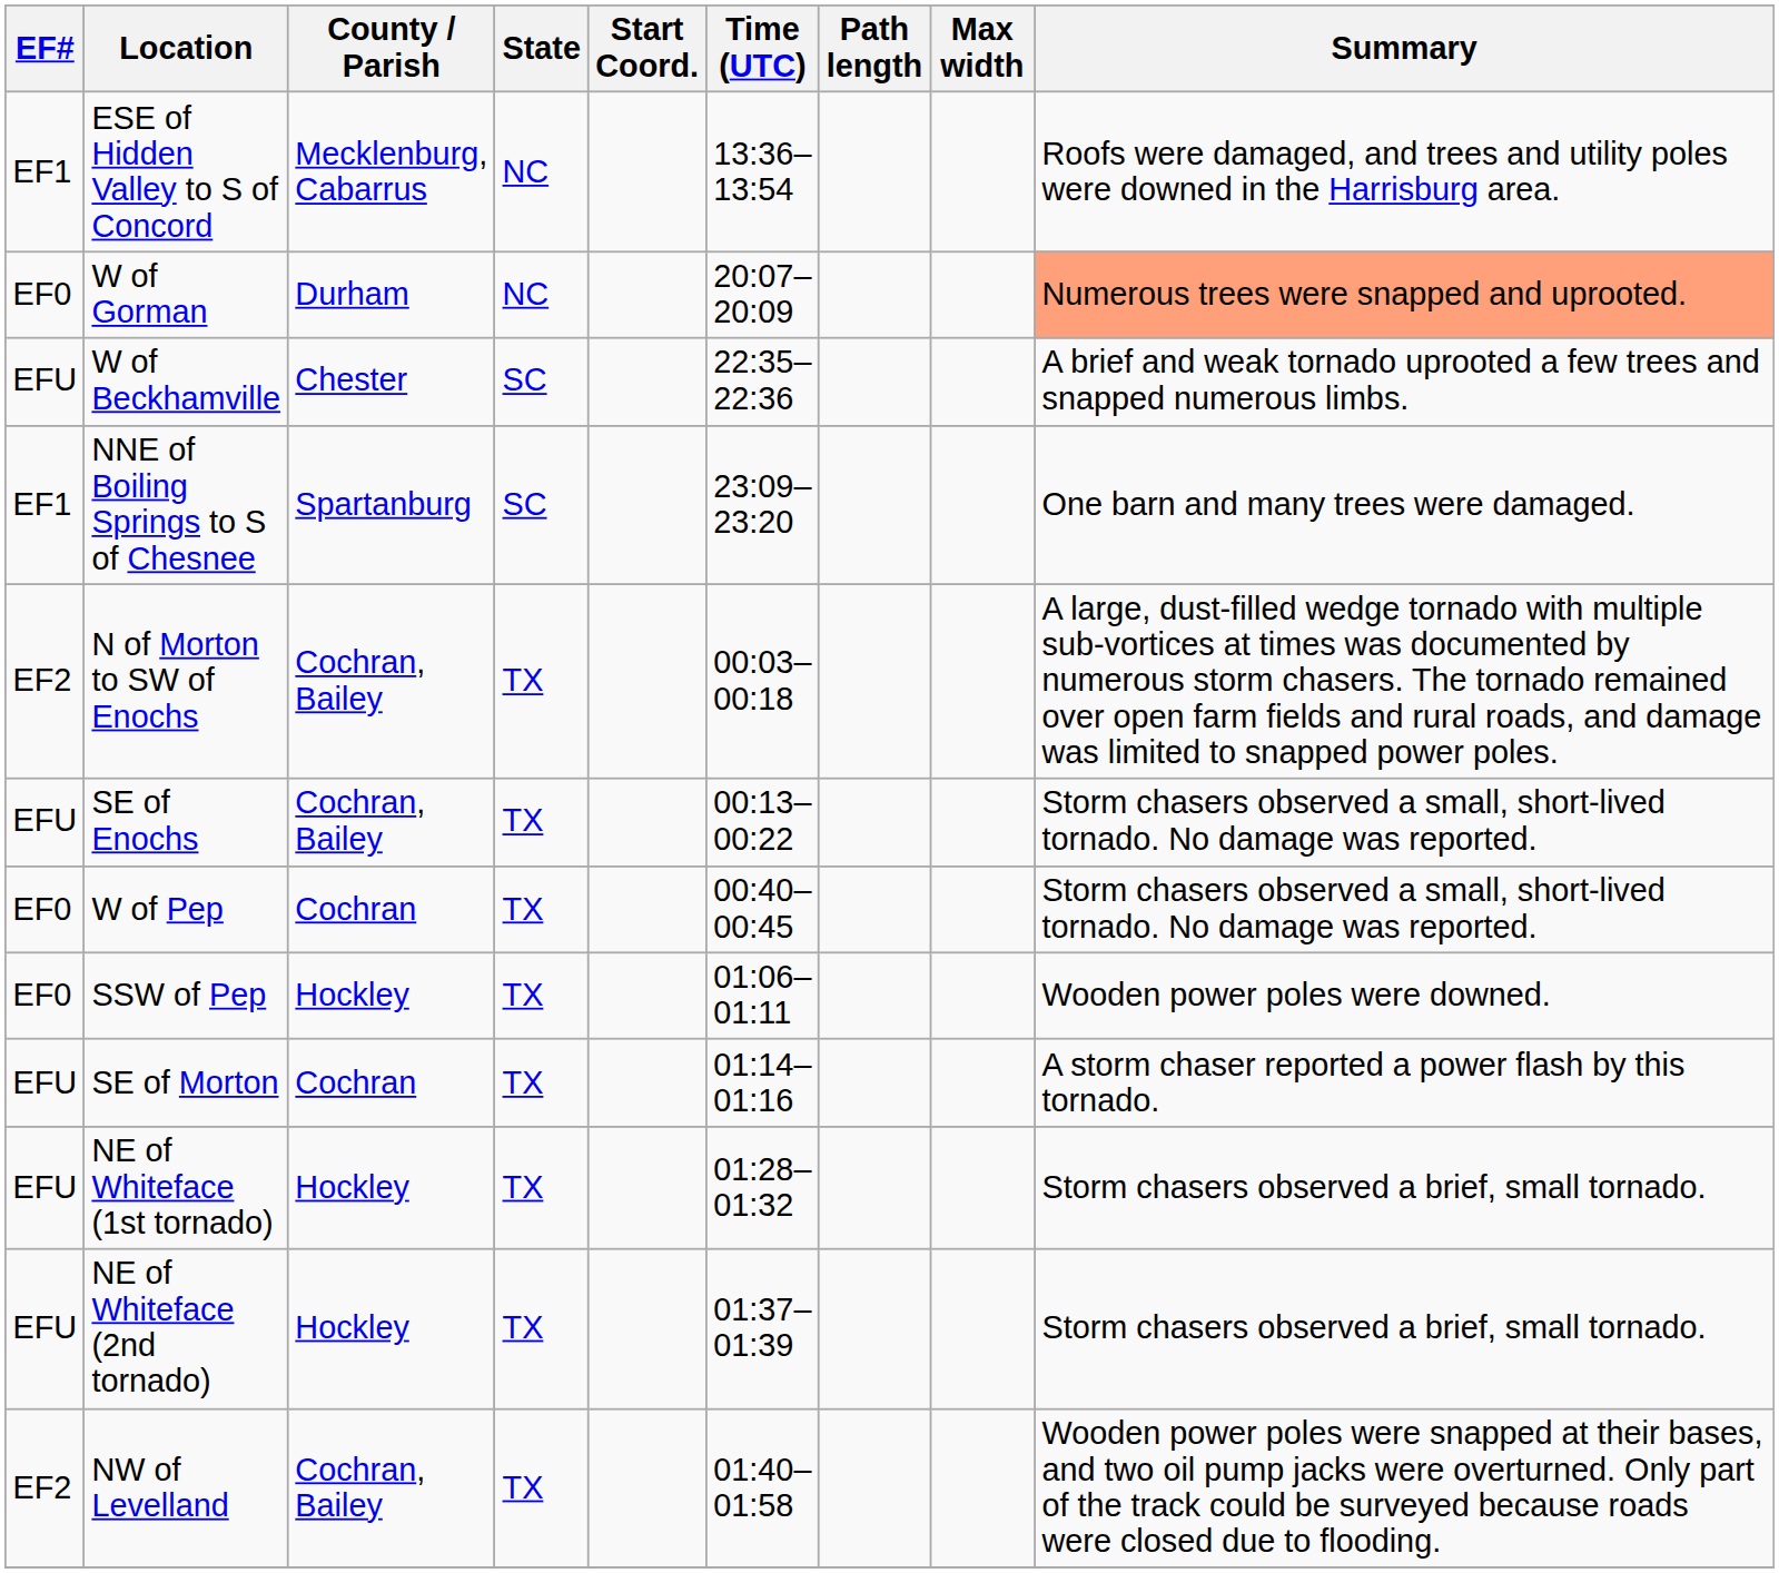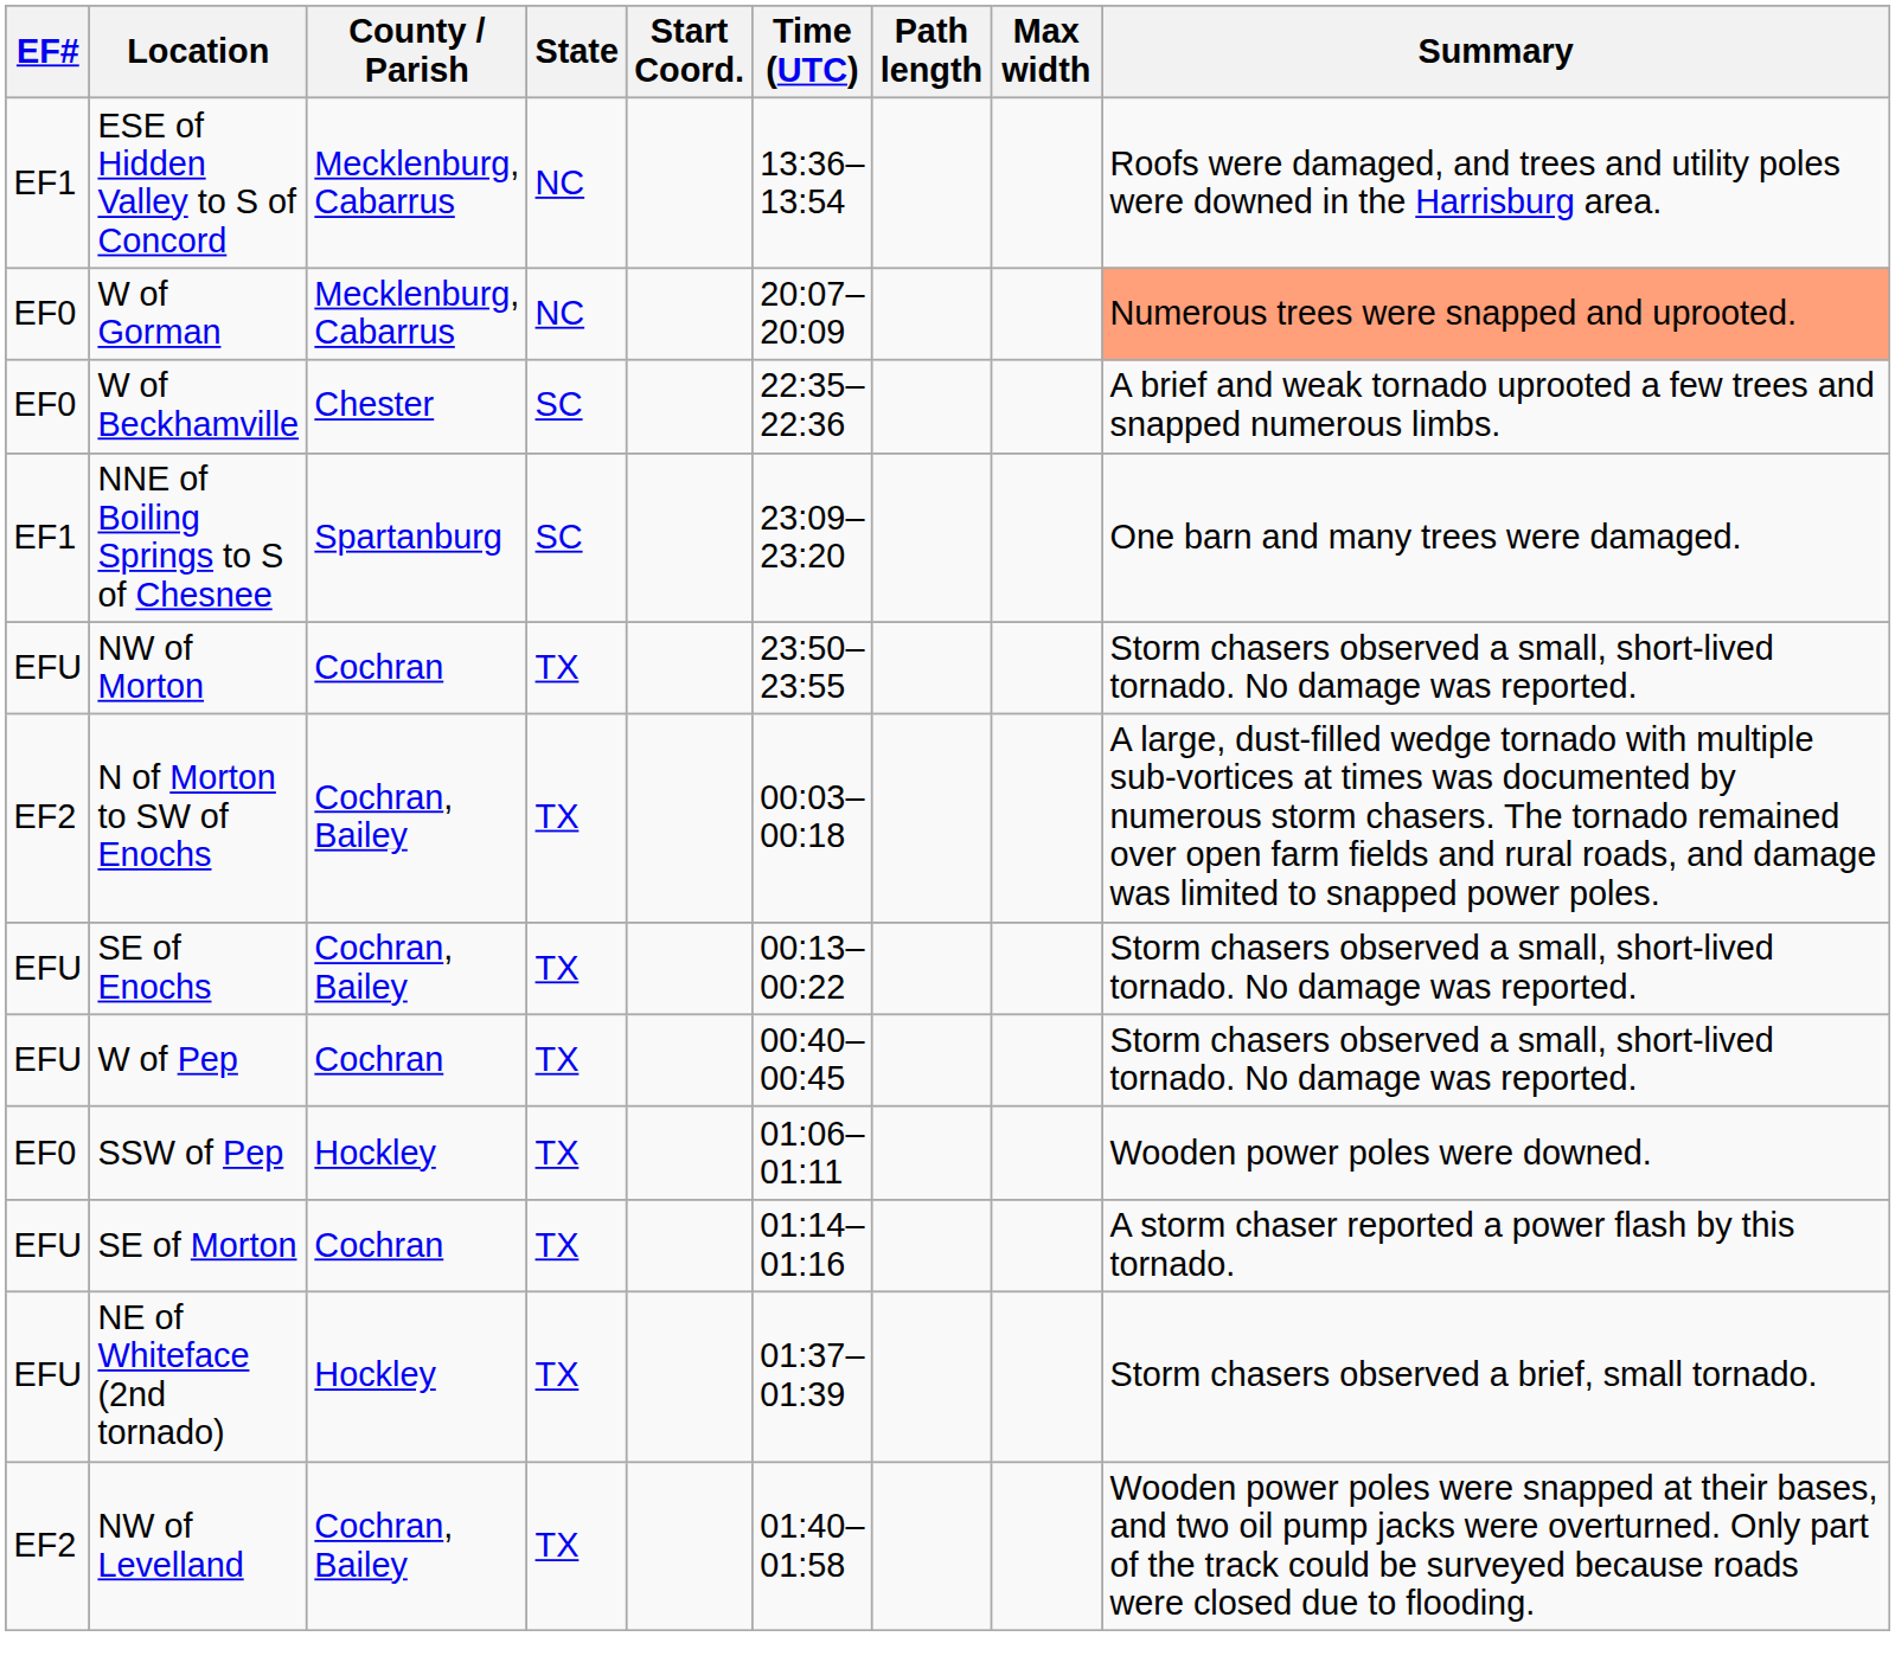 <table class="wikitable sortable" style="width:100%;">
 <tr>
 <th scope="col"  style="width:3%; text-align:center;"><a href='#'>EF#</a></th>
 <th scope="col"  style="width:7%; text-align:center;" class="unsortable">Location</th>
 <th scope="col"  style="width:6%; text-align:center;" class="unsortable">County / Parish</th>
 <th scope="col"  style="width:5%; text-align:center;">State</th>
 <th scope="col"  style="width:6%; text-align:center;">Start Coord.</th>
 <th scope="col"  style="width:6%; text-align:center;">Time (<a href='#'>UTC</a>)</th>
 <th scope="col"  style="width:6%; text-align:center;">Path length</th>
 <th scope="col"  style="width:6%; text-align:center;">Max width</th>
 <th scope="col" class="unsortable" style="width:48%; text-align:center;">Summary</th>
 </tr>
 <tr>
 <td>EF1</td>
 <td>ESE of <a href='#'>Hidden Valley</a> to S of <a href='#'>Concord</a></td>
 <td><a href='#'>Mecklenburg</a>, <a href='#'>Cabarrus</a></td>
 <td><a href='#'>NC</a></td>
 <td></td>
 <td>13:36–13:54</td>
 <td></td>
 <td></td>
 <td>Roofs were damaged, and trees and utility poles were downed in the <a href='#'>Harrisburg</a> area.</td>
 </tr>
 <tr>
 <td>EF0</td>
 <td>W of <a href='#'>Gorman</a></td>
-<td><a href='#'>Durham</a></td>
+<td><a href='#'>Mecklenburg</a>, <a href='#'>Cabarrus</a></td>
 <td><a href='#'>NC</a></td>
 <td></td>
 <td>20:07–20:09</td>
 <td></td>
 <td></td>
 <td style="background: lightsalmon;">Numerous trees were snapped and uprooted.</td>
 </tr>
 <tr>
-<td>EFU</td>
+<td>EF0</td>
 <td>W of <a href='#'>Beckhamville</a></td>
 <td><a href='#'>Chester</a></td>
 <td><a href='#'>SC</a></td>
 <td></td>
 <td>22:35–22:36</td>
 <td></td>
 <td></td>
 <td>A brief and weak tornado uprooted a few trees and snapped numerous limbs.</td>
 </tr>
 <tr>
 <td>EF1</td>
 <td>NNE of <a href='#'>Boiling Springs</a> to S of <a href='#'>Chesnee</a></td>
 <td><a href='#'>Spartanburg</a></td>
 <td><a href='#'>SC</a></td>
 <td></td>
 <td>23:09–23:20</td>
 <td></td>
 <td></td>
 <td>One barn and many trees were damaged.</td>
+</tr>
+<tr>
+<td>EFU</td>
+<td>NW of <a href='#'>Morton</a></td>
+<td><a href='#'>Cochran</a></td>
+<td><a href='#'>TX</a></td>
+<td></td>
+<td>23:50–23:55</td>
+<td></td>
+<td></td>
+<td>Storm chasers observed a small, short-lived tornado. No damage was reported.</td>
 </tr>
 <tr>
 <td>EF2</td>
 <td>N of <a href='#'>Morton</a> to SW of <a href='#'>Enochs</a></td>
 <td><a href='#'>Cochran</a>, <a href='#'>Bailey</a></td>
 <td><a href='#'>TX</a></td>
 <td></td>
 <td>00:03–00:18</td>
 <td></td>
 <td></td>
 <td>A large, dust-filled wedge tornado with multiple sub-vortices at times was documented by numerous storm chasers. The tornado remained over open farm fields and rural roads, and damage was limited to snapped power poles.</td>
 </tr>
 <tr>
 <td>EFU</td>
 <td>SE of <a href='#'>Enochs</a></td>
 <td><a href='#'>Cochran</a>, <a href='#'>Bailey</a></td>
 <td><a href='#'>TX</a></td>
 <td></td>
 <td>00:13–00:22</td>
 <td></td>
 <td></td>
 <td>Storm chasers observed a small, short-lived tornado. No damage was reported.</td>
 </tr>
 <tr>
-<td>EF0</td>
+<td>EFU</td>
 <td>W of <a href='#'>Pep</a></td>
 <td><a href='#'>Cochran</a></td>
 <td><a href='#'>TX</a></td>
 <td></td>
 <td>00:40–00:45</td>
 <td></td>
 <td></td>
 <td>Storm chasers observed a small, short-lived tornado. No damage was reported.</td>
 </tr>
 <tr>
 <td>EF0</td>
 <td>SSW of <a href='#'>Pep</a></td>
 <td><a href='#'>Hockley</a></td>
 <td><a href='#'>TX</a></td>
 <td></td>
 <td>01:06–01:11</td>
 <td></td>
 <td></td>
 <td>Wooden power poles were downed.</td>
 </tr>
 <tr>
 <td>EFU</td>
 <td>SE of <a href='#'>Morton</a></td>
 <td><a href='#'>Cochran</a></td>
 <td><a href='#'>TX</a></td>
 <td></td>
 <td>01:14–01:16</td>
 <td></td>
 <td></td>
 <td>A storm chaser reported a power flash by this tornado.</td>
 </tr>
 <tr>
 <td>EFU</td>
-<td>NE of <a href='#'>Whiteface</a> (1st tornado)</td>
-<td><a href='#'>Hockley</a></td>
-<td><a href='#'>TX</a></td>
-<td></td>
-<td>01:28–01:32</td>
-<td></td>
-<td></td>
-<td>Storm chasers observed a brief, small tornado.</td>
-</tr>
-<tr>
-<td>EFU</td>
 <td>NE of <a href='#'>Whiteface</a> (2nd tornado)</td>
 <td><a href='#'>Hockley</a></td>
 <td><a href='#'>TX</a></td>
 <td></td>
 <td>01:37–01:39</td>
 <td></td>
 <td></td>
 <td>Storm chasers observed a brief, small tornado.</td>
 </tr>
 <tr>
 <td>EF2</td>
 <td>NW of <a href='#'>Levelland</a></td>
 <td><a href='#'>Cochran</a>, <a href='#'>Bailey</a></td>
 <td><a href='#'>TX</a></td>
 <td></td>
 <td>01:40–01:58</td>
 <td></td>
 <td></td>
 <td>Wooden power poles were snapped at their bases, and two oil pump jacks were overturned. Only part of the track could be surveyed because roads were closed due to flooding.</td>
 </tr>
 <tr>
 </tr>
 </table>
